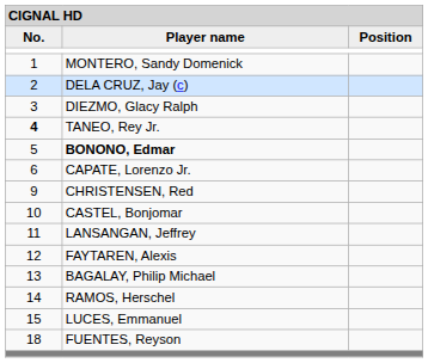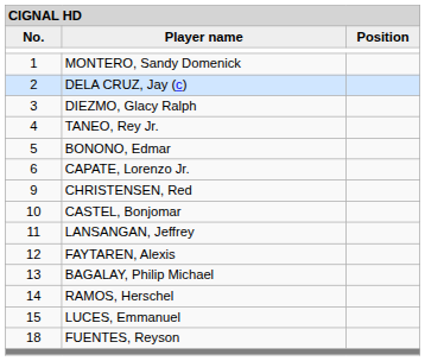 <table class='wikitable mw-collapsible mw-collapsed' style='text-align: center; width: 500px; border: none;'>
 <tr>
 <th style="background:#D4D4D4; text-align:left;" colspan=3>CIGNAL HD</th>
 </tr>
 <tr style="background:#EEEEEE; font-weight:bold;">
 <td width=10%>No.</td>
 <td width=50%>Player name</td>
 <td width=10%>Position</td>
 </tr>
 <tr style="background:#FFFFFF;">
 <td colspan=3 align=center></td>
 </tr>
 <tr>
 <td align=center>1</td>
 <td align=left>MONTERO, Sandy Domenick</td>
 <td align=center></td>
 </tr>
 <tr bgcolor=#D0E6FF>
 <td align=center>2</td>
 <td align=left>DELA CRUZ, Jay (<a href='#'>c</a>)</td>
 <td align=center></td>
 </tr>
 <tr>
 <td align=center>3</td>
 <td align=left>DIEZMO, Glacy Ralph</td>
 <td align=center></td>
 </tr>
 <tr>
-<td align=center><strong>4</strong></td>
+<td align=center>4</td>
 <td align=left>TANEO, Rey Jr.</td>
 <td align=center></td>
 </tr>
 <tr>
 <td align=center>5</td>
-<td align=left><strong>BONONO, Edmar</strong></td>
+<td align=left>BONONO, Edmar</td>
 <td align=center></td>
 </tr>
 <tr>
 <td align=center>6</td>
 <td align=left>CAPATE, Lorenzo Jr.</td>
 <td align=center></td>
 </tr>
 <tr>
 <td align=center>9</td>
 <td align=left>CHRISTENSEN, Red</td>
 <td align=center></td>
 </tr>
 <tr>
 <td align=center>10</td>
 <td align=left>CASTEL, Bonjomar</td>
 <td align=center></td>
 </tr>
 <tr>
 <td align=center>11</td>
 <td align=left>LANSANGAN, Jeffrey</td>
 <td align=center></td>
 </tr>
 <tr>
 <td align=center>12</td>
 <td align=left>FAYTAREN, Alexis</td>
 <td align=center></td>
 </tr>
 <tr>
 <td align=center>13</td>
 <td align=left>BAGALAY, Philip Michael</td>
 <td align=center></td>
 </tr>
 <tr>
 <td align=center>14</td>
 <td align=left>RAMOS, Herschel</td>
 <td align=center></td>
 </tr>
 <tr>
 <td align=center>15</td>
 <td align=left>LUCES, Emmanuel</td>
 <td align=center></td>
 </tr>
 <tr>
 <td align=center>18</td>
 <td align=left>FUENTES, Reyson</td>
 <td align=center></td>
 </tr>
 <tr>
 <th style="background:gray;" colspan=3></th>
 </tr>
 <tr>
 </tr>
 </table>
